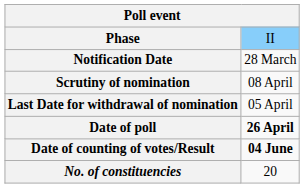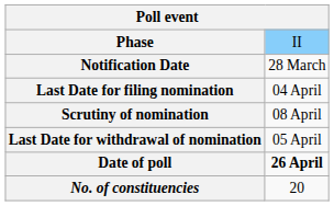 <table class="wikitable" style="text-align:center;margin:auto;font-size:90%;">
 <tr>
 <th colspan=2>Poll event</th>
 </tr>
 <tr>
 <th>Phase</th>
 <td bgcolor=#87CEFA>II</td>
 </tr>
 <tr>
 <th>Notification Date</th>
 <td>28 March</td>
+</tr>
+<tr>
+<th>Last Date for filing nomination</th>
+<td>04 April</td>
 </tr>
 <tr>
 <th>Scrutiny of nomination</th>
 <td>08 April</td>
 </tr>
 <tr>
 <th>Last Date for withdrawal of nomination</th>
 <td>05 April</td>
 </tr>
 <tr>
 <th>Date of poll</th>
 <td><strong>26 April</strong></td>
 </tr>
 <tr>
-<th>Date of counting of votes/Result</th>
-<td><strong>04 June</strong></td>
-</tr>
-<tr>
 <th><strong><em>No. of constituencies</em></strong></th>
 <td>20</td>
 </tr>
 </table>
